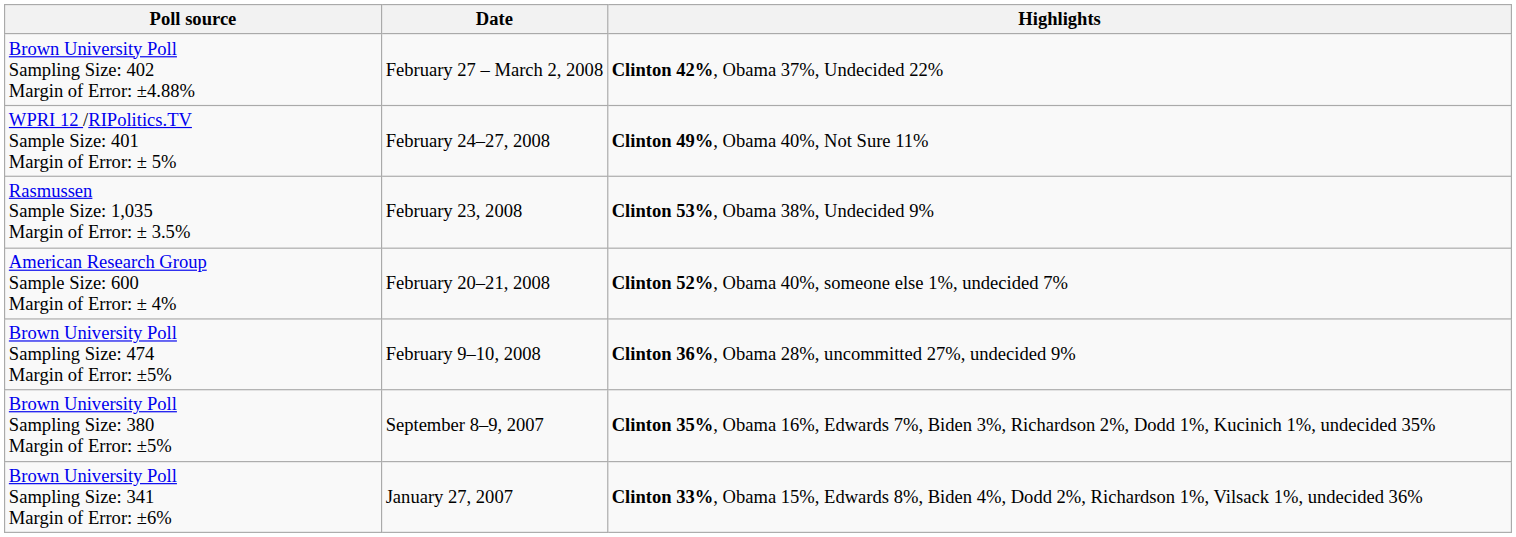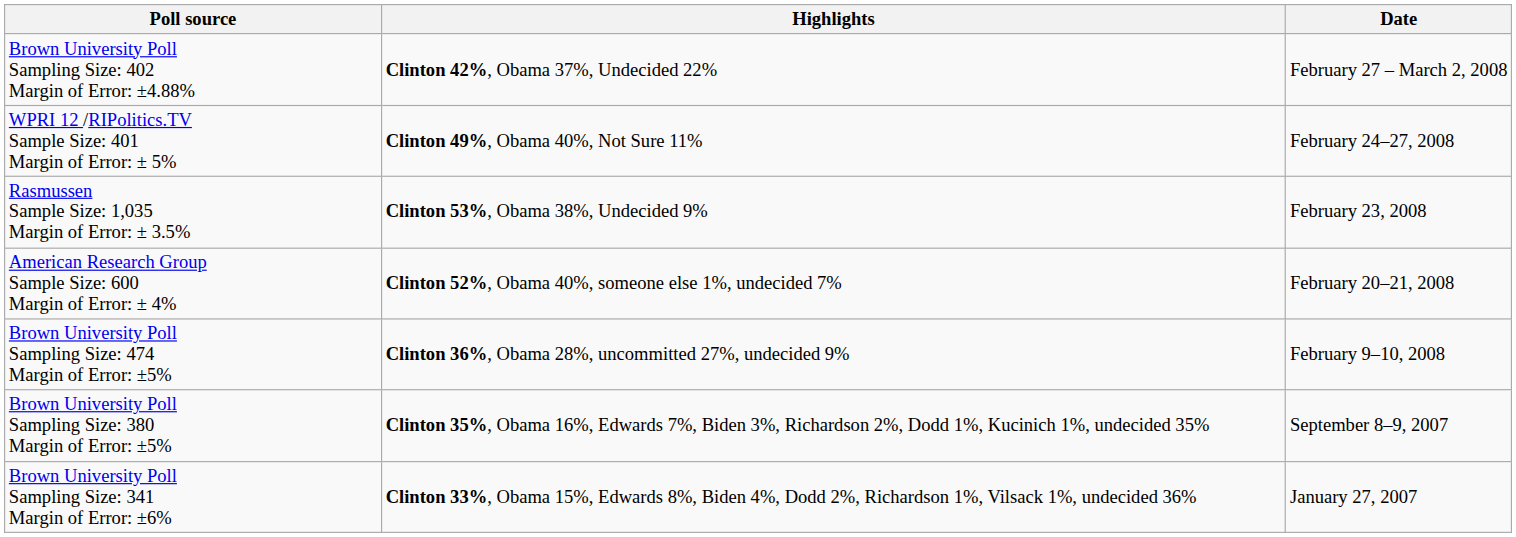 <table class="wikitable sortable">
 <tr>
 <th width="25%">Poll source</th>
+<th width="60%">Highlights</th>
 <th width="15%">Date</th>
-<th width="60%">Highlights</th>
 </tr>
 <tr>
 <td><a href='#'>Brown University Poll</a><br>Sampling Size: 402<br> Margin of Error: ±4.88%</td>
+<td><strong>Clinton 42%</strong>, Obama 37%, Undecided 22%</td>
 <td>February 27 – March 2, 2008</td>
-<td><strong>Clinton 42%</strong>, Obama 37%, Undecided 22%</td>
 </tr>
 <tr>
 <td><a href='#'>WPRI 12 </a>/<a href='#'>RIPolitics.TV </a><br>Sample Size: 401<br> Margin of Error: ± 5%</td>
+<td><strong>Clinton 49%</strong>, Obama 40%, Not Sure 11%</td>
 <td>February 24–27, 2008</td>
-<td><strong>Clinton 49%</strong>, Obama 40%, Not Sure 11%</td>
 </tr>
 <tr>
 <td><a href='#'>Rasmussen</a><br>Sample Size: 1,035<br> Margin of Error: ± 3.5%</td>
+<td><strong>Clinton 53%</strong>, Obama 38%, Undecided 9%</td>
 <td>February 23, 2008</td>
-<td><strong>Clinton 53%</strong>, Obama 38%, Undecided 9%</td>
 </tr>
 <tr>
 <td><a href='#'>American Research Group</a><br>Sample Size: 600<br> Margin of Error: ± 4%</td>
+<td><strong>Clinton 52%</strong>, Obama 40%, someone else 1%, undecided 7%</td>
 <td>February 20–21, 2008</td>
-<td><strong>Clinton 52%</strong>, Obama 40%, someone else 1%, undecided 7%</td>
 </tr>
 <tr>
 <td><a href='#'>Brown University Poll</a><br>Sampling Size: 474<br> Margin of Error: ±5%</td>
+<td><strong>Clinton 36%</strong>, Obama 28%, uncommitted 27%, undecided 9%</td>
 <td>February 9–10, 2008</td>
-<td><strong>Clinton 36%</strong>, Obama 28%, uncommitted 27%, undecided 9%</td>
 </tr>
 <tr>
 <td><a href='#'>Brown University Poll</a><br>Sampling Size: 380<br> Margin of Error: ±5%</td>
+<td><strong>Clinton 35%</strong>, Obama 16%, Edwards 7%, Biden 3%, Richardson 2%, Dodd 1%, Kucinich 1%, undecided 35%</td>
 <td>September 8–9, 2007</td>
-<td><strong>Clinton 35%</strong>, Obama 16%, Edwards 7%, Biden 3%, Richardson 2%, Dodd 1%, Kucinich 1%, undecided 35%</td>
 </tr>
 <tr>
 <td><a href='#'>Brown University Poll</a><br>Sampling Size: 341<br> Margin of Error: ±6%</td>
+<td><strong>Clinton 33%</strong>, Obama 15%, Edwards 8%, Biden 4%, Dodd 2%, Richardson 1%, Vilsack 1%, undecided 36%</td>
 <td>January 27, 2007</td>
-<td><strong>Clinton 33%</strong>, Obama 15%, Edwards 8%, Biden 4%, Dodd 2%, Richardson 1%, Vilsack 1%, undecided 36%</td>
 </tr>
 </table>
